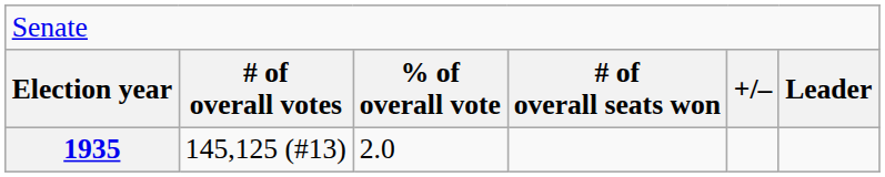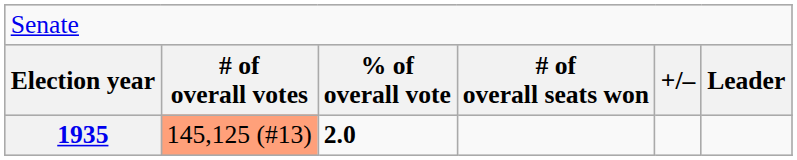 <table class=wikitable>
 <tr>
 <td colspan=6><a href='#'>Senate</a></td>
 </tr>
 <tr>
 <th>Election year</th>
 <th># of<br>overall votes</th>
 <th>% of<br>overall vote</th>
 <th># of<br>overall seats won</th>
 <th>+/–</th>
 <th>Leader</th>
 </tr>
 <tr>
 <th><a href='#'>1935</a></th>
-<td>145,125 (#13)</td>
-<td>2.0</td>
+<td style="background: lightsalmon;">145,125 (#13)</td>
+<td><strong>2.0</strong></td>
 <td></td>
 <td style="text-align: center"></td>
 <td style="text-align: center"></td>
 </tr>
 </table>
